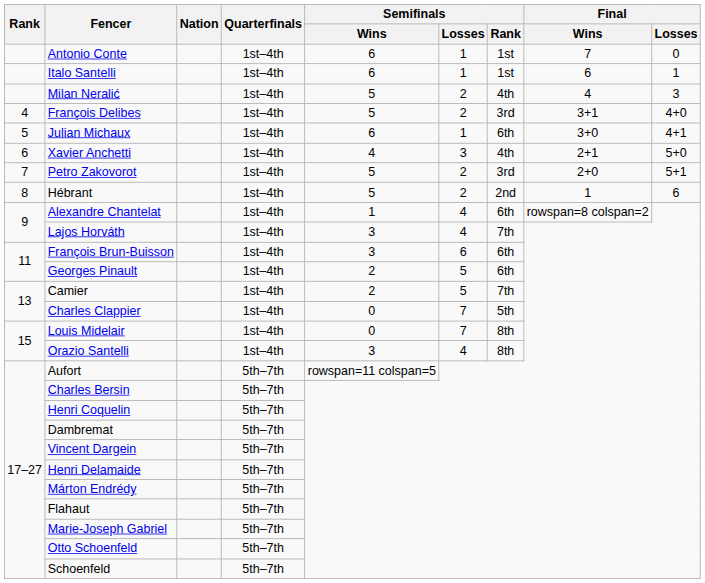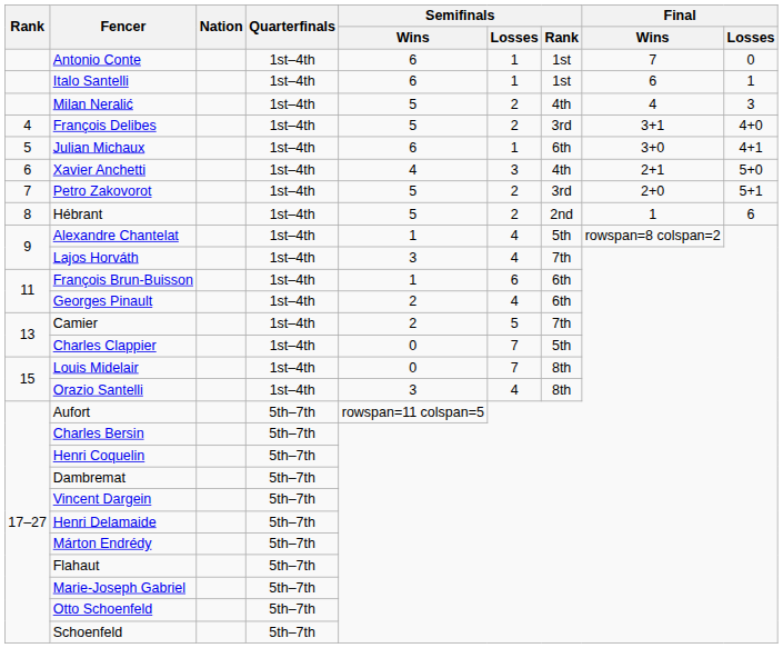 <table class="wikitable sortable" style="text-align:center">
 <tr>
 <th rowspan=2>Rank</th>
 <th rowspan=2>Fencer</th>
 <th rowspan=2>Nation</th>
 <th rowspan=2>Quarterfinals</th>
 <th colspan=3>Semifinals</th>
 <th colspan=2>Final</th>
 </tr>
 <tr>
 <th>Wins</th>
 <th>Losses</th>
 <th>Rank</th>
 <th>Wins</th>
 <th>Losses</th>
 </tr>
 <tr>
 <td></td>
 <td align=left><a href='#'>Antonio Conte</a></td>
 <td align=left></td>
 <td>1st–4th</td>
 <td>6</td>
 <td>1</td>
 <td>1st</td>
 <td>7</td>
 <td>0</td>
 </tr>
 <tr>
 <td></td>
 <td align=left><a href='#'>Italo Santelli</a></td>
 <td align=left></td>
 <td>1st–4th</td>
 <td>6</td>
 <td>1</td>
 <td>1st</td>
 <td>6</td>
 <td>1</td>
 </tr>
 <tr>
 <td></td>
 <td align=left><a href='#'>Milan Neralić</a></td>
 <td align=left></td>
 <td>1st–4th</td>
 <td>5</td>
 <td>2</td>
 <td>4th</td>
 <td>4</td>
 <td>3</td>
 </tr>
 <tr>
 <td>4</td>
 <td align=left><a href='#'>François Delibes</a></td>
 <td align=left></td>
 <td>1st–4th</td>
 <td>5</td>
 <td>2</td>
 <td>3rd</td>
 <td>3+1</td>
 <td>4+0</td>
 </tr>
 <tr>
 <td>5</td>
 <td align=left><a href='#'>Julian Michaux</a></td>
 <td align=left></td>
 <td>1st–4th</td>
 <td>6</td>
 <td>1</td>
 <td>6th</td>
 <td>3+0</td>
 <td>4+1</td>
 </tr>
 <tr>
 <td>6</td>
 <td align=left><a href='#'>Xavier Anchetti</a></td>
 <td align=left></td>
 <td>1st–4th</td>
 <td>4</td>
 <td>3</td>
 <td>4th</td>
 <td>2+1</td>
 <td>5+0</td>
 </tr>
 <tr>
 <td>7</td>
 <td align=left><a href='#'>Petro Zakovorot</a></td>
 <td align=left></td>
 <td>1st–4th</td>
 <td>5</td>
 <td>2</td>
 <td>3rd</td>
 <td>2+0</td>
 <td>5+1</td>
 </tr>
 <tr>
 <td>8</td>
 <td align=left>Hébrant</td>
 <td align=left></td>
 <td>1st–4th</td>
 <td>5</td>
 <td>2</td>
 <td>2nd</td>
 <td>1</td>
 <td>6</td>
 </tr>
 <tr>
 <td rowspan=2>9</td>
 <td align=left><a href='#'>Alexandre Chantelat</a></td>
 <td align=left></td>
 <td>1st–4th</td>
 <td>1</td>
 <td>4</td>
-<td>6th</td>
+<td>5th</td>
 <td>rowspan=8 colspan=2 </td>
 </tr>
 <tr>
 <td align=left><a href='#'>Lajos Horváth</a></td>
 <td align=left></td>
 <td>1st–4th</td>
 <td>3</td>
 <td>4</td>
 <td>7th</td>
 </tr>
 <tr>
 <td rowspan=2>11</td>
 <td align=left><a href='#'>François Brun-Buisson</a></td>
 <td align=left></td>
 <td>1st–4th</td>
-<td>3</td>
+<td>1</td>
 <td>6</td>
 <td>6th</td>
 </tr>
 <tr>
 <td align=left><a href='#'>Georges Pinault</a></td>
 <td align=left></td>
 <td>1st–4th</td>
 <td>2</td>
-<td>5</td>
+<td>4</td>
 <td>6th</td>
 </tr>
 <tr>
 <td rowspan=2>13</td>
 <td align=left>Camier</td>
 <td align=left></td>
 <td>1st–4th</td>
 <td>2</td>
 <td>5</td>
 <td>7th</td>
 </tr>
 <tr>
 <td align=left><a href='#'>Charles Clappier</a></td>
 <td align=left></td>
 <td>1st–4th</td>
 <td>0</td>
 <td>7</td>
 <td>5th</td>
 </tr>
 <tr>
 <td rowspan=2>15</td>
 <td align=left><a href='#'>Louis Midelair</a></td>
 <td align=left></td>
 <td>1st–4th</td>
 <td>0</td>
 <td>7</td>
 <td>8th</td>
 </tr>
 <tr>
 <td align=left><a href='#'>Orazio Santelli</a></td>
 <td align=left></td>
 <td>1st–4th</td>
 <td>3</td>
 <td>4</td>
 <td>8th</td>
 </tr>
 <tr>
 <td rowspan=11>17–27</td>
 <td align=left>Aufort</td>
 <td align=left></td>
 <td>5th–7th</td>
 <td>rowspan=11 colspan=5 </td>
 </tr>
 <tr>
 <td align=left><a href='#'>Charles Bersin</a></td>
 <td align=left></td>
 <td>5th–7th</td>
 </tr>
 <tr>
 <td align=left><a href='#'>Henri Coquelin</a></td>
 <td align=left></td>
 <td>5th–7th</td>
 </tr>
 <tr>
 <td align=left>Dambremat</td>
 <td align=left></td>
 <td>5th–7th</td>
 </tr>
 <tr>
 <td align=left><a href='#'>Vincent Dargein</a></td>
 <td align=left></td>
 <td>5th–7th</td>
 </tr>
 <tr>
 <td align=left><a href='#'>Henri Delamaide</a></td>
 <td align=left></td>
 <td>5th–7th</td>
 </tr>
 <tr>
 <td align=left><a href='#'>Márton Endrédy</a></td>
 <td align=left></td>
 <td>5th–7th</td>
 </tr>
 <tr>
 <td align=left>Flahaut</td>
 <td align=left></td>
 <td>5th–7th</td>
 </tr>
 <tr>
 <td align=left><a href='#'>Marie-Joseph Gabriel</a></td>
 <td align=left></td>
 <td>5th–7th</td>
 </tr>
 <tr>
 <td align=left><a href='#'>Otto Schoenfeld</a></td>
 <td align=left></td>
 <td>5th–7th</td>
 </tr>
 <tr>
 <td align=left>Schoenfeld</td>
 <td align=left></td>
 <td>5th–7th</td>
 </tr>
 </table>
